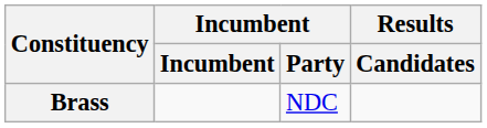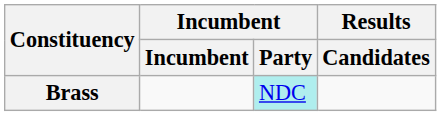 <table class="wikitable sortable">
 <tr>
 <th rowspan="2">Constituency</th>
 <th colspan="2">Incumbent</th>
 <th>Results</th>
 </tr>
 <tr valign="bottom">
 <th>Incumbent</th>
 <th>Party</th>
 <th>Candidates</th>
 </tr>
 <tr>
 <th>Brass</th>
 <td></td>
-<td><a href='#'>NDC</a></td>
+<td style="background: paleturquoise;"><a href='#'>NDC</a></td>
 <td nowrap=""></td>
 </tr>
 </table>
